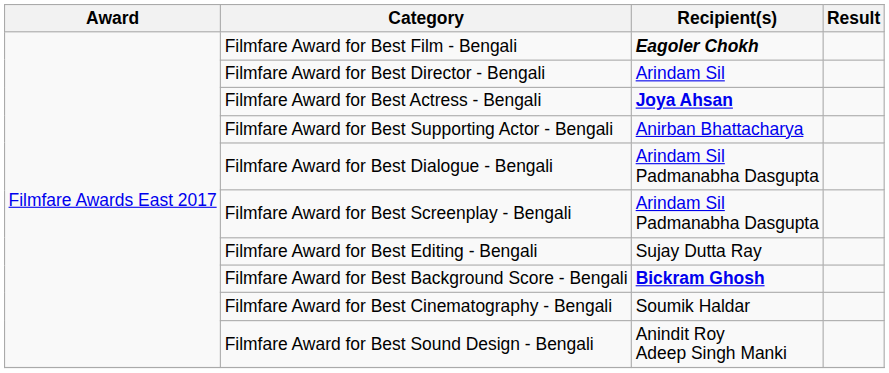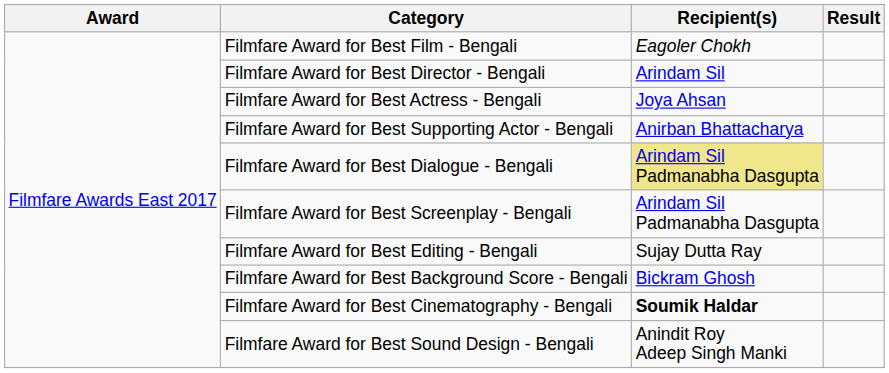 <table class="wikitable sortable">
 <tr>
 <th>Award</th>
 <th>Category</th>
 <th>Recipient(s)</th>
 <th>Result</th>
 </tr>
 <tr>
 <td rowspan="10"><a href='#'>Filmfare Awards East 2017</a></td>
 <td>Filmfare Award for Best Film - Bengali</td>
-<td><strong><em>Eagoler Chokh</em></strong></td>
+<td><em>Eagoler Chokh</em></td>
 <td></td>
 </tr>
 <tr>
 <td>Filmfare Award for Best Director - Bengali</td>
 <td><a href='#'>Arindam Sil</a></td>
 <td></td>
 </tr>
 <tr>
 <td>Filmfare Award for Best Actress - Bengali</td>
-<td><strong><a href='#'>Joya Ahsan</a></strong></td>
+<td><a href='#'>Joya Ahsan</a></td>
 <td></td>
 </tr>
 <tr>
 <td>Filmfare Award for Best Supporting Actor - Bengali</td>
 <td><a href='#'>Anirban Bhattacharya</a></td>
 <td></td>
 </tr>
 <tr>
 <td>Filmfare Award for Best Dialogue - Bengali</td>
-<td><a href='#'>Arindam Sil</a> <br> Padmanabha Dasgupta</td>
+<td style="background: khaki;"><a href='#'>Arindam Sil</a> <br> Padmanabha Dasgupta</td>
 <td></td>
 </tr>
 <tr>
 <td>Filmfare Award for Best Screenplay - Bengali</td>
 <td><a href='#'>Arindam Sil</a> <br> Padmanabha Dasgupta</td>
 <td></td>
 </tr>
 <tr>
 <td>Filmfare Award for Best Editing - Bengali</td>
 <td>Sujay Dutta Ray</td>
 <td></td>
 </tr>
 <tr>
 <td>Filmfare Award for Best Background Score - Bengali</td>
-<td><strong><a href='#'>Bickram Ghosh</a></strong></td>
+<td><a href='#'>Bickram Ghosh</a></td>
 <td></td>
 </tr>
 <tr>
 <td>Filmfare Award for Best Cinematography - Bengali</td>
-<td>Soumik Haldar</td>
+<td><strong>Soumik Haldar</strong></td>
 <td></td>
 </tr>
 <tr>
 <td>Filmfare Award for Best Sound Design - Bengali</td>
 <td>Anindit Roy <br> Adeep Singh Manki</td>
 <td></td>
 </tr>
 <tr>
 </tr>
 </table>
